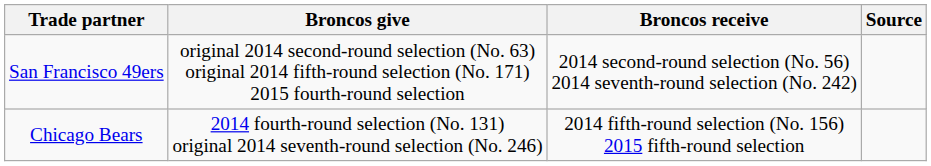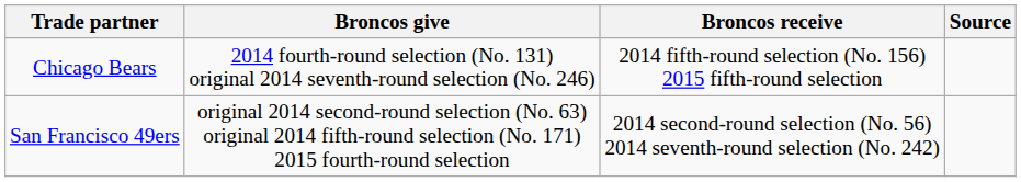 <table class="wikitable" style="text-align:center">
 <tr>
 <th>Trade partner</th>
 <th>Broncos give</th>
 <th>Broncos receive</th>
 <th>Source</th>
 </tr>
 <tr>
+<td><a href='#'>Chicago Bears</a></td>
+<td><a href='#'>2014</a> fourth-round selection (No. 131)<br>original 2014 seventh-round selection (No. 246)</td>
+<td>2014 fifth-round selection (No. 156)<br><a href='#'>2015</a> fifth-round selection</td>
+<td></td>
+</tr>
+<tr>
 <td><a href='#'>San Francisco 49ers</a></td>
 <td>original 2014 second-round selection (No. 63)<br>original 2014 fifth-round selection (No. 171)<br>2015 fourth-round selection</td>
 <td>2014 second-round selection (No. 56)<br>2014 seventh-round selection (No. 242)</td>
 <td></td>
 </tr>
-<tr>
-<td><a href='#'>Chicago Bears</a></td>
-<td><a href='#'>2014</a> fourth-round selection (No. 131)<br>original 2014 seventh-round selection (No. 246)</td>
-<td>2014 fifth-round selection (No. 156)<br><a href='#'>2015</a> fifth-round selection</td>
-<td></td>
-</tr>
 </table>
